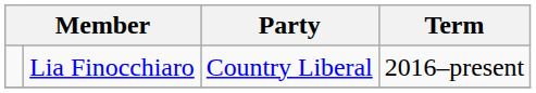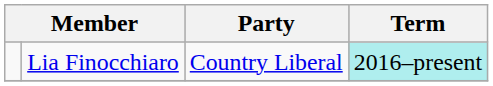 <table class="wikitable">
 <tr>
 <th colspan="2">Member</th>
 <th>Party</th>
 <th>Term</th>
 </tr>
 <tr>
 <td> </td>
 <td><a href='#'>Lia Finocchiaro</a></td>
 <td><a href='#'>Country Liberal</a></td>
-<td>2016–present</td>
+<td style="background: paleturquoise;">2016–present</td>
 </tr>
 <tr>
 </tr>
 </table>
